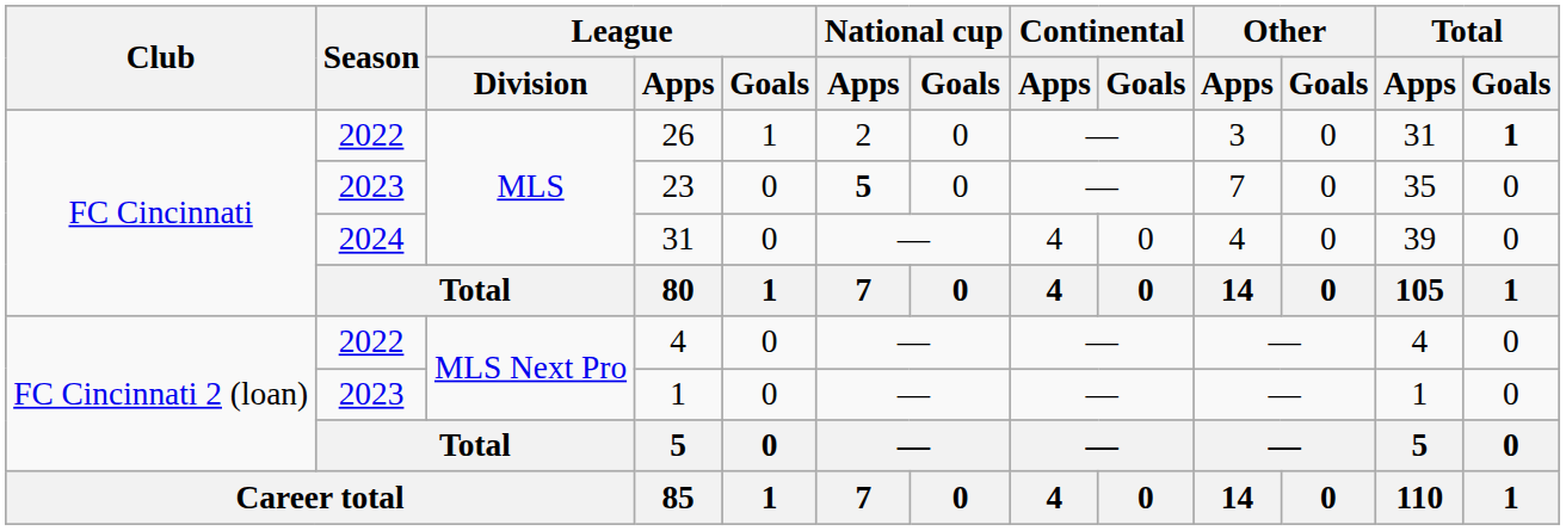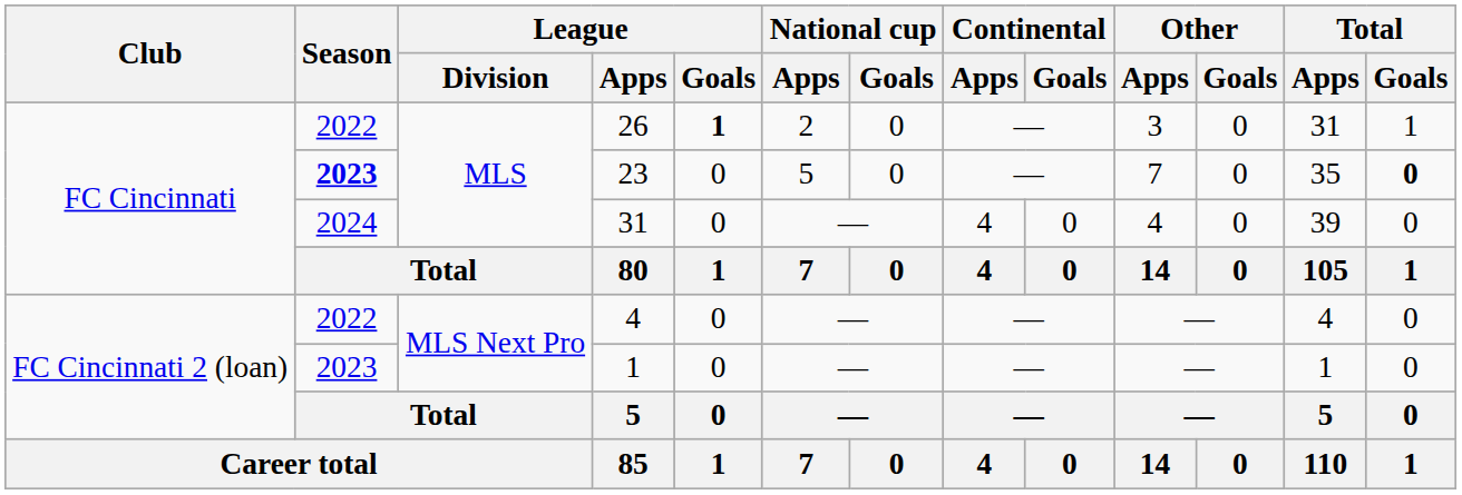 <table class=wikitable style=text-align:center>
 <tr>
 <th rowspan=2>Club</th>
 <th rowspan=2>Season</th>
 <th colspan=3>League</th>
 <th colspan=2>National cup</th>
 <th colspan=2>Continental</th>
 <th colspan=2>Other</th>
 <th colspan=2>Total</th>
 </tr>
 <tr>
 <th>Division</th>
 <th>Apps</th>
 <th>Goals</th>
 <th>Apps</th>
 <th>Goals</th>
 <th>Apps</th>
 <th>Goals</th>
 <th>Apps</th>
 <th>Goals</th>
 <th>Apps</th>
 <th>Goals</th>
 </tr>
 <tr>
 <td rowspan=4><a href='#'>FC Cincinnati</a></td>
 <td><a href='#'>2022</a></td>
 <td rowspan=3><a href='#'>MLS</a></td>
 <td>26</td>
-<td>1</td>
+<td><strong>1</strong></td>
 <td>2</td>
 <td>0</td>
 <td colspan=2>—</td>
 <td>3</td>
 <td>0</td>
 <td>31</td>
-<td><strong>1</strong></td>
+<td>1</td>
 </tr>
 <tr>
-<td><a href='#'>2023</a></td>
+<td><strong><a href='#'>2023</a></strong></td>
 <td>23</td>
 <td>0</td>
-<td><strong>5</strong></td>
+<td>5</td>
 <td>0</td>
 <td colspan=2>—</td>
 <td>7</td>
 <td>0</td>
 <td>35</td>
-<td>0</td>
+<td><strong>0</strong></td>
 </tr>
 <tr>
 <td><a href='#'>2024</a></td>
 <td>31</td>
 <td>0</td>
 <td colspan=2>—</td>
 <td>4</td>
 <td>0</td>
 <td>4</td>
 <td>0</td>
 <td>39</td>
 <td>0</td>
 </tr>
 <tr>
 <th colspan=2>Total</th>
 <th>80</th>
 <th>1</th>
 <th>7</th>
 <th>0</th>
 <th>4</th>
 <th>0</th>
 <th>14</th>
 <th>0</th>
 <th>105</th>
 <th>1</th>
 </tr>
 <tr>
 <td rowspan=3><a href='#'>FC Cincinnati 2</a> (loan)</td>
 <td><a href='#'>2022</a></td>
 <td rowspan=2><a href='#'>MLS Next Pro</a></td>
 <td>4</td>
 <td>0</td>
 <td colspan=2>—</td>
 <td colspan=2>—</td>
 <td colspan=2>—</td>
 <td>4</td>
 <td>0</td>
 </tr>
 <tr>
 <td><a href='#'>2023</a></td>
 <td>1</td>
 <td>0</td>
 <td colspan=2>—</td>
 <td colspan=2>—</td>
 <td colspan=2>—</td>
 <td>1</td>
 <td>0</td>
 </tr>
 <tr>
 <th colspan=2>Total</th>
 <th>5</th>
 <th>0</th>
 <th colspan=2>—</th>
 <th colspan=2>—</th>
 <th colspan=2>—</th>
 <th>5</th>
 <th>0</th>
 </tr>
 <tr>
 <th colspan=3>Career total</th>
 <th>85</th>
 <th>1</th>
 <th>7</th>
 <th>0</th>
 <th>4</th>
 <th>0</th>
 <th>14</th>
 <th>0</th>
 <th>110</th>
 <th>1</th>
 </tr>
 </table>
